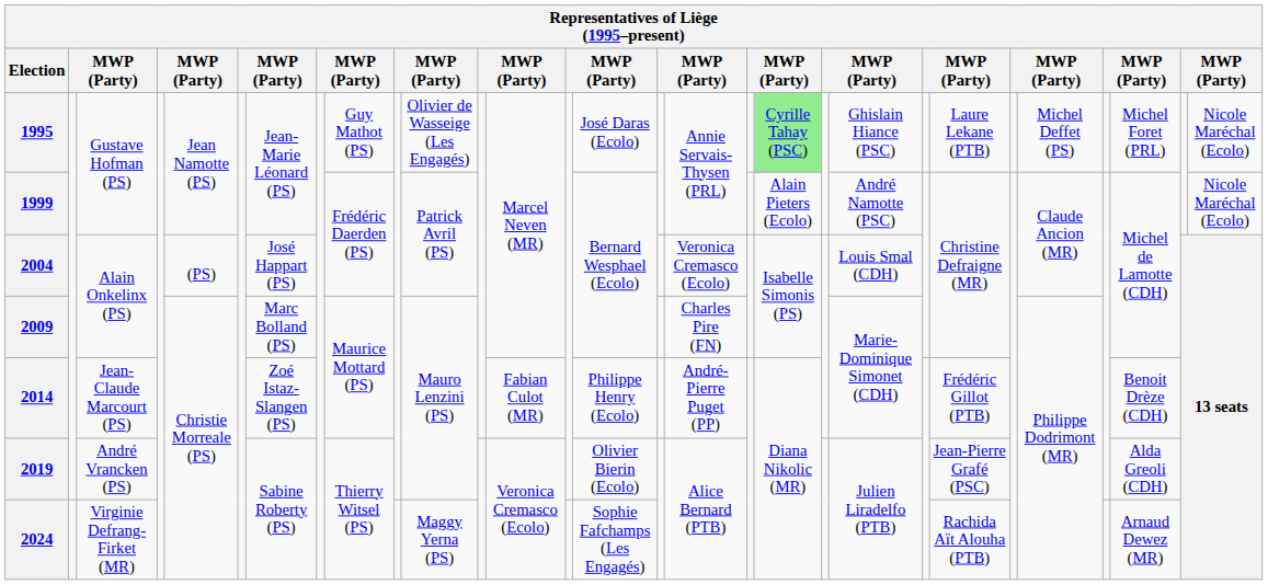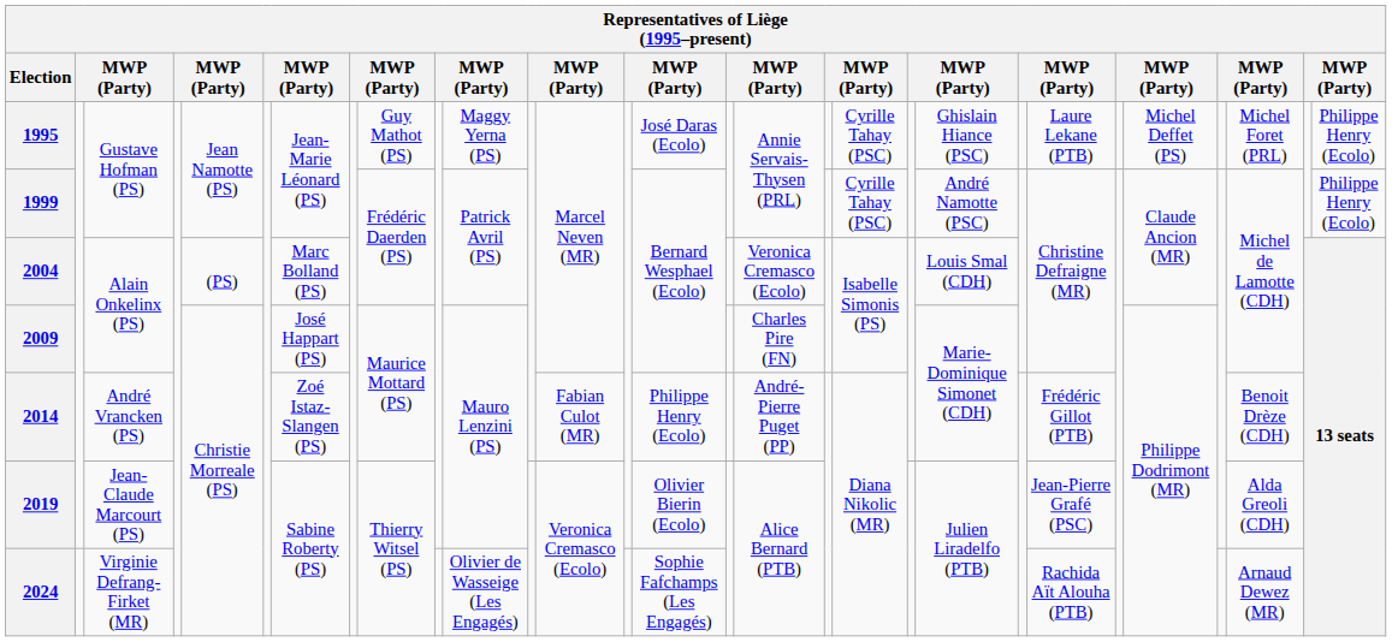 <table class="wikitable" style="text-align:center">
 <tr>
 <th colspan="29">Representatives of Liège<br>(<a href='#'>1995</a>–present)</th>
 </tr>
 <tr>
 <th>Election</th>
 <th colspan=2>MWP<br>(Party)</th>
 <th colspan=2>MWP<br>(Party)</th>
 <th colspan=2>MWP<br>(Party)</th>
 <th colspan=2>MWP<br>(Party)</th>
 <th colspan=2>MWP<br>(Party)</th>
 <th colspan=2>MWP<br>(Party)</th>
 <th colspan=2>MWP<br>(Party)</th>
 <th colspan=2>MWP<br>(Party)</th>
 <th colspan=2>MWP<br>(Party)</th>
 <th colspan=2>MWP<br>(Party)</th>
 <th colspan=2>MWP<br>(Party)</th>
 <th colspan=2>MWP<br>(Party)</th>
 <th colspan=2>MWP<br>(Party)</th>
 <th colspan=2>MWP<br>(Party)</th>
 </tr>
 <tr>
 <th><a href='#'>1995</a></th>
 <td rowspan=6; style="background-color: "></td>
 <td rowspan=2><a href='#'>Gustave Hofman</a><br>(<a href='#'>PS</a>)</td>
 <td rowspan=7; style="background-color: "></td>
 <td rowspan=2><a href='#'>Jean Namotte</a><br>(<a href='#'>PS</a>)</td>
 <td rowspan=7; style="background-color: "></td>
 <td rowspan=2><a href='#'>Jean-Marie Léonard</a><br>(<a href='#'>PS</a>)</td>
 <td rowspan=7; style="background-color: "></td>
 <td rowspan=1><a href='#'>Guy Mathot</a><br>(<a href='#'>PS</a>)</td>
 <td rowspan=6; style="background-color: "></td>
-<td rowspan=1><a href='#'>Olivier de Wasseige</a><br>(<a href='#'>Les Engagés</a>)</td>
+<td rowspan=1><a href='#'>Maggy Yerna</a><br>(<a href='#'>PS</a>)</td>
 <td rowspan=5; style="background-color: "></td>
 <td rowspan=4><a href='#'>Marcel Neven</a><br>(<a href='#'>MR</a>)</td>
 <td rowspan=6; style="background-color: "></td>
 <td rowspan=1><a href='#'>José Daras</a><br>(<a href='#'>Ecolo</a>)</td>
 <td rowspan=2; style="background-color: "></td>
 <td rowspan=2><a href='#'>Annie Servais-Thysen</a><br>(<a href='#'>PRL</a>)</td>
 <td rowspan=1; style="background-color: "></td>
-<td rowspan=1 style="background: lightgreen;"><a href='#'>Cyrille Tahay</a><br>(<a href='#'>PSC</a>)</td>
+<td rowspan=1><a href='#'>Cyrille Tahay</a><br>(<a href='#'>PSC</a>)</td>
 <td rowspan=2; style="background-color: "></td>
 <td rowspan=1><a href='#'>Ghislain Hiance</a><br>(<a href='#'>PSC</a>)</td>
 <td rowspan=1; style="background-color: "></td>
 <td><a href='#'>Laure Lekane</a><br>(<a href='#'>PTB</a>)</td>
 <td rowspan=1; style="background-color: "></td>
 <td rowspan=1><a href='#'>Michel Deffet</a><br>(<a href='#'>PS</a>)</td>
 <td rowspan=1; style="background-color: "></td>
 <td rowspan=1><a href='#'>Michel Foret</a><br>(<a href='#'>PRL</a>)</td>
 <td rowspan=2; style="background-color: "></td>
-<td rowspan=1><a href='#'>Nicole Maréchal</a><br>(<a href='#'>Ecolo</a>)</td>
+<td rowspan=1><a href='#'>Philippe Henry</a><br>(<a href='#'>Ecolo</a>)</td>
 </tr>
 <tr>
 <th><a href='#'>1999</a></th>
 <td rowspan=2><a href='#'>Frédéric Daerden</a><br>(<a href='#'>PS</a>)</td>
 <td rowspan=2><a href='#'>Patrick Avril</a><br>(<a href='#'>PS</a>)</td>
 <td rowspan=3><a href='#'>Bernard Wesphael</a><br>(<a href='#'>Ecolo</a>)</td>
 <td rowspan=1; style="background-color: "></td>
-<td rowspan=1><a href='#'>Alain Pieters</a><br>(<a href='#'>Ecolo</a>)</td>
+<td rowspan=1><a href='#'>Cyrille Tahay</a><br>(<a href='#'>PSC</a>)</td>
 <td rowspan=1><a href='#'>André Namotte</a><br>(<a href='#'>PSC</a>)</td>
 <td rowspan=3; style="background-color: "></td>
 <td rowspan=3><a href='#'>Christine Defraigne</a><br>(<a href='#'>MR</a>)</td>
 <td rowspan=6; style="background-color: "></td>
 <td rowspan=2><a href='#'>Claude Ancion</a><br>(<a href='#'>MR</a>)</td>
 <td rowspan=5 style="background-color: "></td>
 <td rowspan=3><a href='#'>Michel de Lamotte</a><br>(<a href='#'>CDH</a>)</td>
-<td rowspan=1><a href='#'>Nicole Maréchal</a><br>(<a href='#'>Ecolo</a>)</td>
+<td rowspan=1><a href='#'>Philippe Henry</a><br>(<a href='#'>Ecolo</a>)</td>
 </tr>
 <tr>
 <th><a href='#'>2004</a></th>
 <td rowspan=2><a href='#'>Alain Onkelinx</a><br>(<a href='#'>PS</a>)</td>
 <td rowspan=1><br>(<a href='#'>PS</a>)</td>
-<td rowspan=1><a href='#'>José Happart</a><br>(<a href='#'>PS</a>)</td>
+<td rowspan=1><a href='#'>Marc Bolland</a><br>(<a href='#'>PS</a>)</td>
 <td rowspan=1; style="background-color: "></td>
 <td rowspan=1><a href='#'>Veronica Cremasco</a><br>(<a href='#'>Ecolo</a>)</td>
 <td rowspan=2; style="background-color: "></td>
 <td rowspan=2><a href='#'>Isabelle Simonis</a><br>(<a href='#'>PS</a>)</td>
 <td rowspan=3; style="background-color: "></td>
 <td rowspan=1><a href='#'>Louis Smal</a><br>(<a href='#'>CDH</a>)</td>
 <th rowspan=5 colspan=2>13 seats</th>
 </tr>
 <tr>
 <th><a href='#'>2009</a></th>
 <td rowspan=4><a href='#'>Christie Morreale</a><br>(<a href='#'>PS</a>)</td>
-<td rowspan=1><a href='#'>Marc Bolland</a><br>(<a href='#'>PS</a>)</td>
+<td rowspan=1><a href='#'>José Happart</a><br>(<a href='#'>PS</a>)</td>
 <td rowspan=2><a href='#'>Maurice Mottard</a><br>(<a href='#'>PS</a>)</td>
 <td rowspan=3><a href='#'>Mauro Lenzini</a><br>(<a href='#'>PS</a>)</td>
 <td rowspan=1; style="background-color: "></td>
 <td rowspan=1><a href='#'>Charles Pire</a><br>(<a href='#'>FN</a>)</td>
 <td rowspan=2><a href='#'>Marie-Dominique Simonet</a><br>(<a href='#'>CDH</a>)</td>
 <td rowspan=4><a href='#'>Philippe Dodrimont</a><br>(<a href='#'>MR</a>)</td>
 </tr>
 <tr>
 <th><a href='#'>2014</a></th>
-<td rowspan=1><a href='#'>Jean-Claude Marcourt</a><br>(<a href='#'>PS</a>)</td>
+<td rowspan=1><a href='#'>André Vrancken</a><br>(<a href='#'>PS</a>)</td>
 <td rowspan=1><a href='#'>Zoé Istaz-Slangen</a><br>(<a href='#'>PS</a>)</td>
 <td rowspan=1><a href='#'>Fabian Culot</a><br>(<a href='#'>MR</a>)</td>
 <td rowspan=1><a href='#'>Philippe Henry</a><br>(<a href='#'>Ecolo</a>)</td>
 <td rowspan=1; style="background-color: "></td>
 <td rowspan=1><a href='#'>André-Pierre Puget</a><br>(<a href='#'>PP</a>)</td>
 <td rowspan=3; style="background-color: "></td>
 <td rowspan=3><a href='#'>Diana Nikolic</a><br>(<a href='#'>MR</a>)</td>
 <td rowspan=3; style="background-color: "></td>
 <td><a href='#'>Frédéric Gillot</a><br>(<a href='#'>PTB</a>)</td>
 <td rowspan=1><a href='#'>Benoit Drèze</a><br>(<a href='#'>CDH</a>)</td>
 </tr>
 <tr>
 <th><a href='#'>2019</a></th>
-<td rowspan=1><a href='#'>André Vrancken</a><br>(<a href='#'>PS</a>)</td>
+<td rowspan=1><a href='#'>Jean-Claude Marcourt</a><br>(<a href='#'>PS</a>)</td>
 <td rowspan=2><a href='#'>Sabine Roberty</a><br>(<a href='#'>PS</a>)</td>
 <td rowspan=2><a href='#'>Thierry Witsel</a><br>(<a href='#'>PS</a>)</td>
 <td rowspan=2; style="background-color: "></td>
 <td rowspan=2><a href='#'>Veronica Cremasco</a><br>(<a href='#'>Ecolo</a>)</td>
 <td rowspan=1><a href='#'>Olivier Bierin</a><br>(<a href='#'>Ecolo</a>)</td>
 <td rowspan=2; style="background-color: "></td>
 <td rowspan=2><a href='#'>Alice Bernard</a><br>(<a href='#'>PTB</a>)</td>
 <td rowspan=2; style="background-color: "></td>
 <td rowspan=2><a href='#'>Julien Liradelfo</a><br>(<a href='#'>PTB</a>)</td>
 <td rowspan=1><a href='#'>Jean-Pierre Grafé</a><br>(<a href='#'>PSC</a>)</td>
 <td rowspan=1><a href='#'>Alda Greoli</a><br>(<a href='#'>CDH</a>)</td>
 </tr>
 <tr>
 <th><a href='#'>2024</a></th>
 <td rowspan=1; style="background-color: "></td>
 <td rowspan=1><a href='#'>Virginie Defrang-Firket</a><br>(<a href='#'>MR</a>)</td>
 <td rowspan=1; style="background-color: "></td>
-<td rowspan=1><a href='#'>Maggy Yerna</a><br>(<a href='#'>PS</a>)</td>
+<td rowspan=1><a href='#'>Olivier de Wasseige</a><br>(<a href='#'>Les Engagés</a>)</td>
 <td rowspan=1; style="background-color: "></td>
 <td rowspan=1><a href='#'>Sophie Fafchamps</a><br>(<a href='#'>Les Engagés</a>)</td>
 <td><a href='#'>Rachida Aït Alouha</a><br>(<a href='#'>PTB</a>)</td>
 <td rowspan=1; style="background-color: "></td>
 <td rowspan=1><a href='#'>Arnaud Dewez</a><br>(<a href='#'>MR</a>)</td>
 </tr>
 </table>
